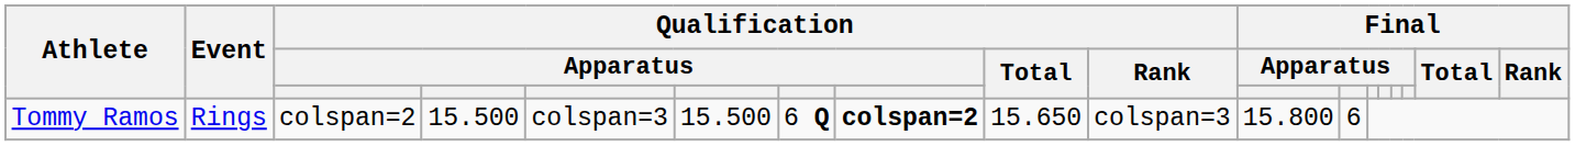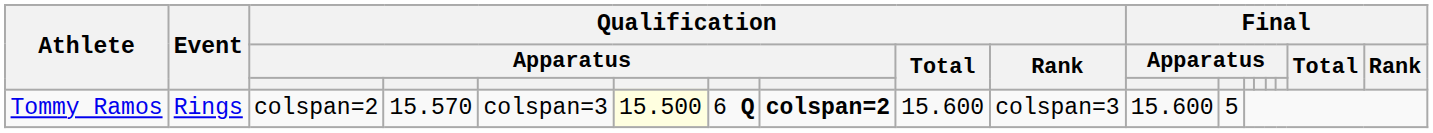 <table class="wikitable" style="font-size:90%">
 <tr>
 <th rowspan=3>Athlete</th>
 <th rowspan=3>Event</th>
 <th colspan =8>Qualification</th>
 <th colspan =8>Final</th>
 </tr>
 <tr style="font-size:95%">
 <th colspan=6>Apparatus</th>
 <th rowspan=2>Total</th>
 <th rowspan=2>Rank</th>
 <th colspan=6>Apparatus</th>
 <th rowspan=2>Total</th>
 <th rowspan=2>Rank</th>
 </tr>
 <tr style="font-size:95%">
 <th></th>
 <th></th>
 <th></th>
 <th></th>
 <th></th>
 <th></th>
 <th></th>
 <th></th>
 <th></th>
 <th></th>
 <th></th>
 <th></th>
 </tr>
 <tr align=center>
 <td align=left><a href='#'>Tommy Ramos</a></td>
 <td align=left><a href='#'>Rings</a></td>
 <td>colspan=2 </td>
-<td>15.500</td>
+<td>15.570</td>
 <td>colspan=3 </td>
-<td>15.500</td>
+<td style="background: lightyellow;">15.500</td>
 <td>6 <strong>Q</strong></td>
 <td><strong>colspan=2 </strong></td>
-<td>15.650</td>
+<td>15.600</td>
 <td>colspan=3 </td>
-<td>15.800</td>
-<td>6</td>
+<td>15.600</td>
+<td>5</td>
 </tr>
 </table>
